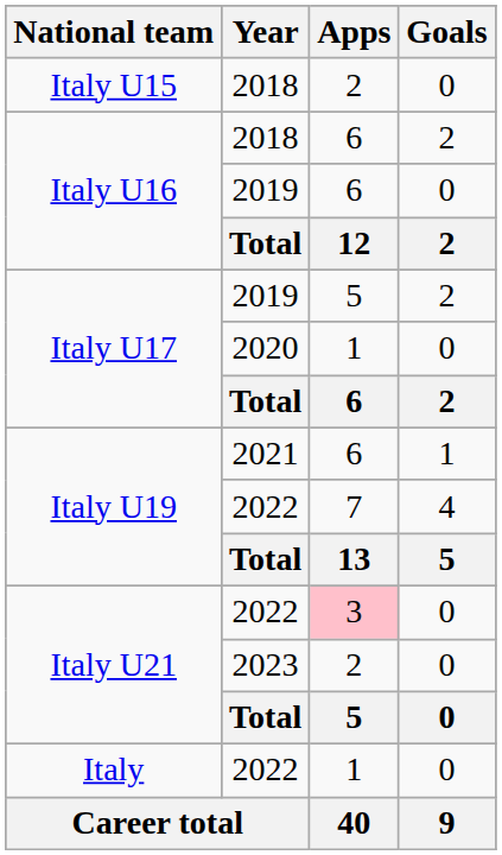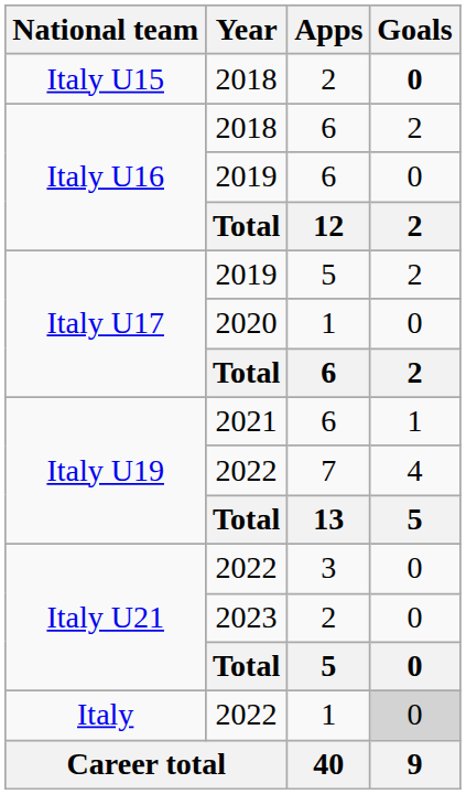 <table class="wikitable" style="text-align:center">
 <tr>
 <th>National team</th>
 <th>Year</th>
 <th>Apps</th>
 <th>Goals</th>
 </tr>
 <tr>
 <td><a href='#'>Italy U15</a></td>
 <td>2018</td>
 <td>2</td>
-<td>0</td>
+<td><strong>0</strong></td>
 </tr>
 <tr>
 <td rowspan="3"><a href='#'>Italy U16</a></td>
 <td>2018</td>
 <td>6</td>
 <td>2</td>
 </tr>
 <tr>
 <td>2019</td>
 <td>6</td>
 <td>0</td>
 </tr>
 <tr>
 <th>Total</th>
 <th>12</th>
 <th>2</th>
 </tr>
 <tr>
 <td rowspan="3"><a href='#'>Italy U17</a></td>
 <td>2019</td>
 <td>5</td>
 <td>2</td>
 </tr>
 <tr>
 <td>2020</td>
 <td>1</td>
 <td>0</td>
 </tr>
 <tr>
 <th>Total</th>
 <th>6</th>
 <th>2</th>
 </tr>
 <tr>
 <td rowspan="3"><a href='#'>Italy U19</a></td>
 <td>2021</td>
 <td>6</td>
 <td>1</td>
 </tr>
 <tr>
 <td>2022</td>
 <td>7</td>
 <td>4</td>
 </tr>
 <tr>
 <th>Total</th>
 <th>13</th>
 <th>5</th>
 </tr>
 <tr>
 <td rowspan="3"><a href='#'>Italy U21</a></td>
 <td>2022</td>
-<td style="background: pink;">3</td>
+<td>3</td>
 <td>0</td>
 </tr>
 <tr>
 <td>2023</td>
 <td>2</td>
 <td>0</td>
 </tr>
 <tr>
 <th>Total</th>
 <th>5</th>
 <th>0</th>
 </tr>
 <tr>
 <td><a href='#'>Italy</a></td>
 <td>2022</td>
 <td>1</td>
-<td>0</td>
+<td style="background: lightgrey;">0</td>
 </tr>
 <tr>
 <th colspan="2">Career total</th>
 <th>40</th>
 <th>9</th>
 </tr>
 </table>
